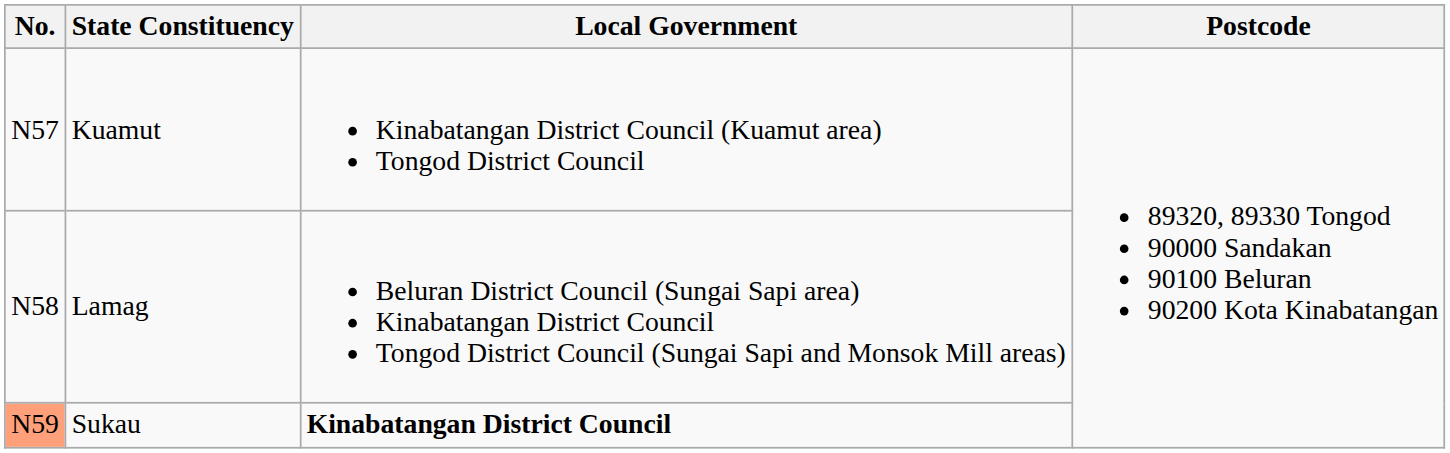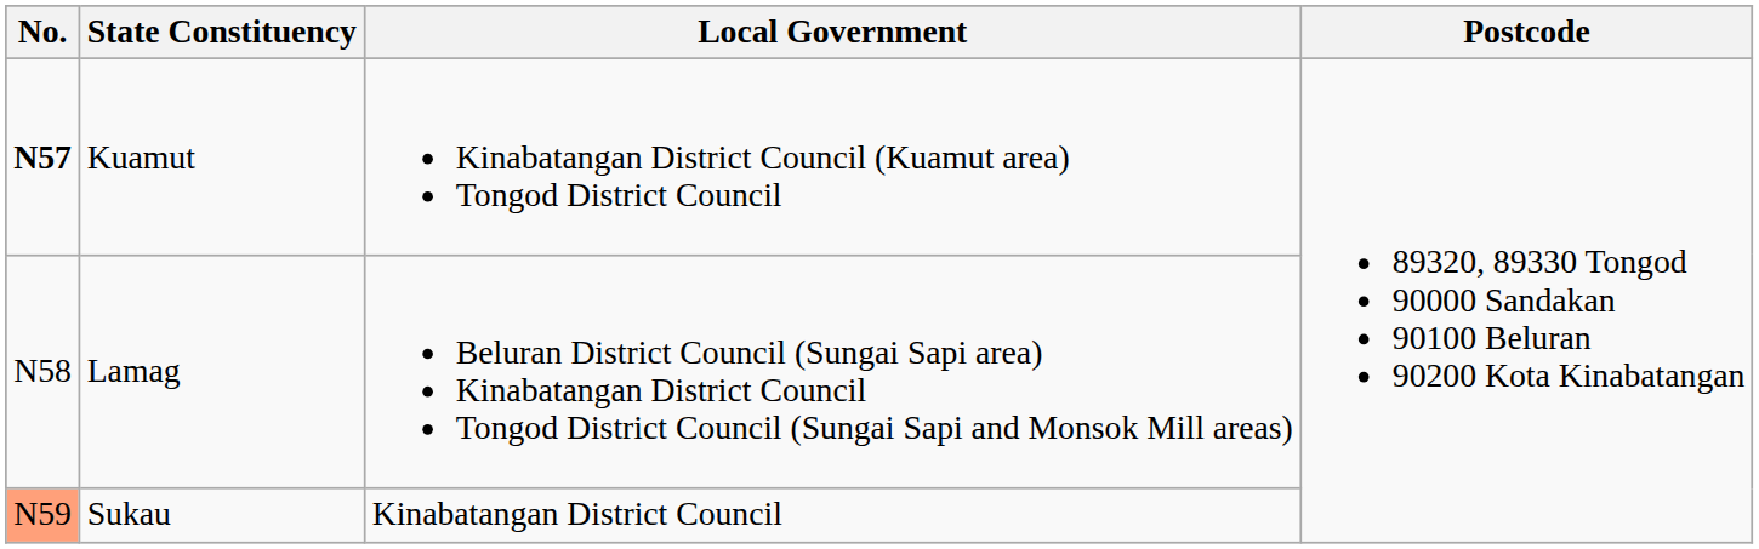 <table class="wikitable">
 <tr>
 <th>No.</th>
 <th>State Constituency</th>
 <th>Local Government</th>
 <th>Postcode</th>
 </tr>
 <tr>
-<td>N57</td>
+<td><strong>N57</strong></td>
 <td>Kuamut</td>
 <td><br><ul><li>Kinabatangan District Council (Kuamut area)</li><li>Tongod District Council</li></ul></td>
 <td rowspan="3"><br><ul><li>89320, 89330 Tongod</li><li>90000 Sandakan</li><li>90100 Beluran</li><li>90200 Kota Kinabatangan</li></ul></td>
 </tr>
 <tr>
 <td>N58</td>
 <td>Lamag</td>
 <td><br><ul><li>Beluran District Council (Sungai Sapi area)</li><li>Kinabatangan District Council</li><li>Tongod District Council (Sungai Sapi and Monsok Mill areas)</li></ul></td>
 </tr>
 <tr>
 <td style="background: lightsalmon;">N59</td>
 <td>Sukau</td>
-<td><strong>Kinabatangan District Council</strong></td>
+<td>Kinabatangan District Council</td>
 </tr>
 </table>
